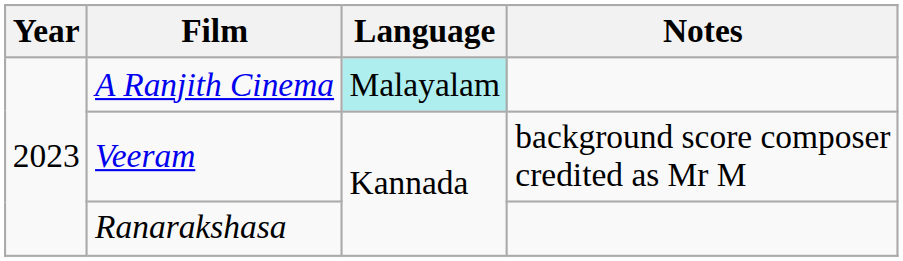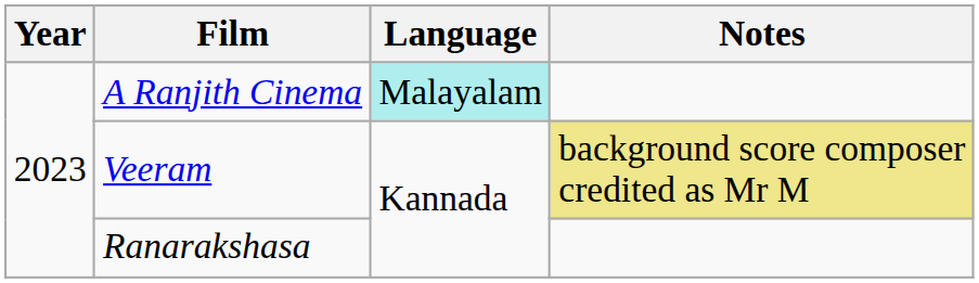 <table class="wikitable sortable">
 <tr>
 <th>Year</th>
 <th>Film</th>
 <th>Language</th>
 <th>Notes</th>
 </tr>
 <tr>
 <td rowspan="3">2023</td>
 <td><em><a href='#'>A Ranjith Cinema</a></em></td>
 <td style="background: paleturquoise;">Malayalam</td>
 <td></td>
 </tr>
 <tr>
 <td><em><a href='#'>Veeram</a></em></td>
 <td rowspan="2">Kannada</td>
-<td>background score composer<br>credited as Mr M</td>
+<td style="background: khaki;">background score composer<br>credited as Mr M</td>
 </tr>
 <tr>
 <td><em>Ranarakshasa</em></td>
 <td></td>
 </tr>
 </table>
